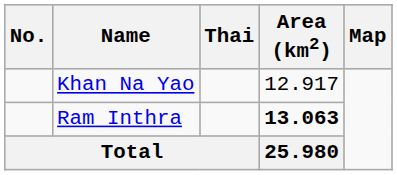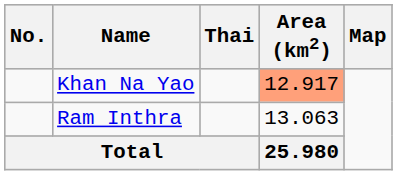 <table class="wikitable sortable">
 <tr>
 <th>No.</th>
 <th>Name</th>
 <th>Thai</th>
 <th>Area<br>(km<sup>2</sup>)</th>
 <th>Map</th>
 </tr>
 <tr>
 <td></td>
 <td><a href='#'>Khan Na Yao</a></td>
 <td></td>
-<td><div>12.917</div></td>
+<td style="background: lightsalmon;"><div>12.917</div></td>
 <td rowspan=3></td>
 </tr>
 <tr>
 <td></td>
 <td><a href='#'>Ram Inthra</a></td>
 <td></td>
-<td><strong><div>13.063</div></strong></td>
+<td><div>13.063</div></td>
 </tr>
 <tr>
 <th colspan=3>Total</th>
 <th><div>25.980</div></th>
 </tr>
 </table>
